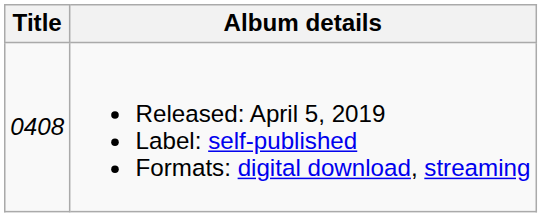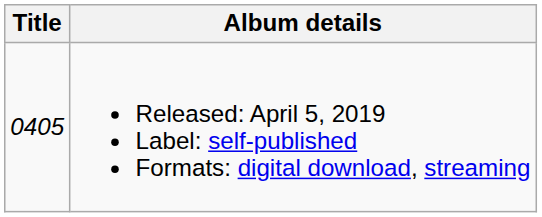 <table class="wikitable">
 <tr>
 <th>Title</th>
 <th>Album details</th>
 </tr>
 <tr>
-<td><em>0408</em></td>
+<td><em>0405</em></td>
 <td><br><ul><li>Released: April 5, 2019</li><li>Label: <a href='#'>self-published</a></li><li>Formats: <a href='#'>digital download</a>, <a href='#'>streaming</a></li></ul></td>
 </tr>
 </table>
